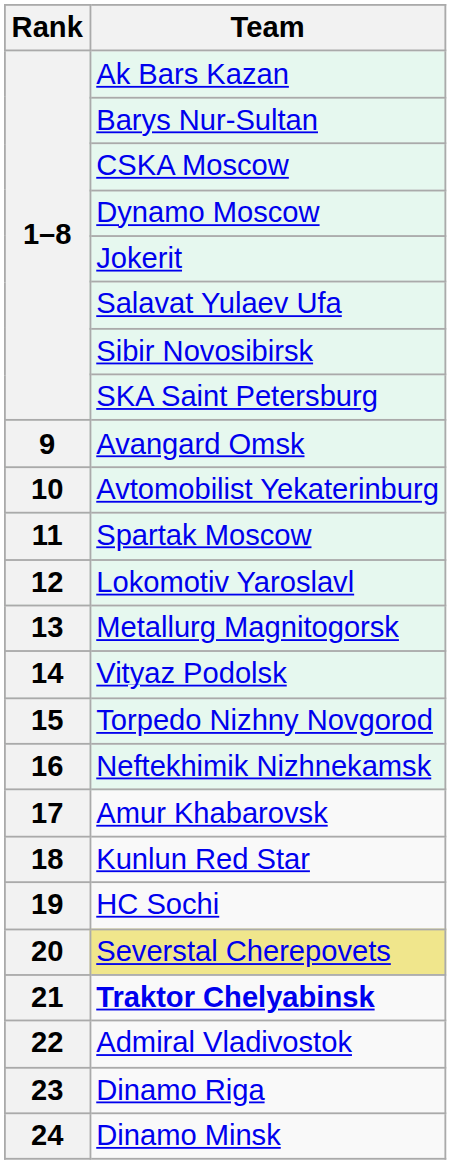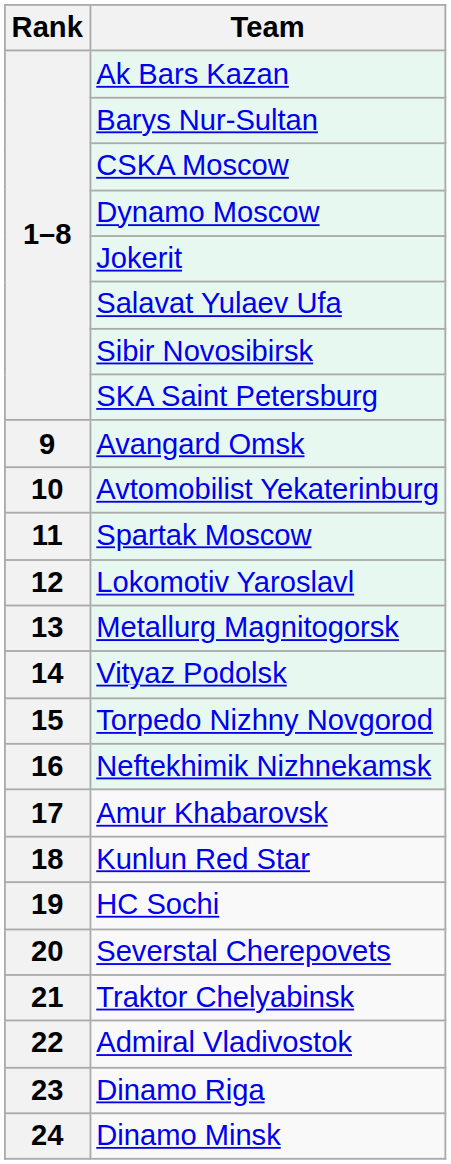 <table class="wikitable">
 <tr>
 <th>Rank</th>
 <th>Team</th>
 </tr>
 <tr bgcolor="#e6f8ef">
 <th scope=row rowspan=8>1–8</th>
 <td> <a href='#'>Ak Bars Kazan</a></td>
 </tr>
 <tr bgcolor="#e6f8ef">
 <td> <a href='#'>Barys Nur-Sultan</a></td>
 </tr>
 <tr bgcolor="#e6f8ef">
 <td> <a href='#'>CSKA Moscow</a></td>
 </tr>
 <tr bgcolor="#e6f8ef">
 <td> <a href='#'>Dynamo Moscow</a></td>
 </tr>
 <tr bgcolor="#e6f8ef">
 <td> <a href='#'>Jokerit</a></td>
 </tr>
 <tr bgcolor="#e6f8ef">
 <td> <a href='#'>Salavat Yulaev Ufa</a></td>
 </tr>
 <tr bgcolor="#e6f8ef">
 <td> <a href='#'>Sibir Novosibirsk</a></td>
 </tr>
 <tr bgcolor="#e6f8ef">
 <td> <a href='#'>SKA Saint Petersburg</a></td>
 </tr>
 <tr bgcolor="#e6f8ef">
 <th scope=row>9</th>
 <td> <a href='#'>Avangard Omsk</a></td>
 </tr>
 <tr bgcolor="#e6f8ef">
 <th scope=row>10</th>
 <td> <a href='#'>Avtomobilist Yekaterinburg</a></td>
 </tr>
 <tr bgcolor="#e6f8ef">
 <th scope=row>11</th>
 <td> <a href='#'>Spartak Moscow</a></td>
 </tr>
 <tr bgcolor="#e6f8ef">
 <th scope=row>12</th>
 <td> <a href='#'>Lokomotiv Yaroslavl</a></td>
 </tr>
 <tr bgcolor="#e6f8ef">
 <th scope=row>13</th>
 <td> <a href='#'>Metallurg Magnitogorsk</a></td>
 </tr>
 <tr bgcolor="#e6f8ef">
 <th scope=row>14</th>
 <td> <a href='#'>Vityaz Podolsk</a></td>
 </tr>
 <tr bgcolor="#e6f8ef">
 <th scope=row>15</th>
 <td> <a href='#'>Torpedo Nizhny Novgorod</a></td>
 </tr>
 <tr bgcolor="#e6f8ef">
 <th scope=row>16</th>
 <td> <a href='#'>Neftekhimik Nizhnekamsk</a></td>
 </tr>
 <tr>
 <th scope=row>17</th>
 <td> <a href='#'>Amur Khabarovsk</a></td>
 </tr>
 <tr>
 <th scope=row>18</th>
 <td> <a href='#'>Kunlun Red Star</a></td>
 </tr>
 <tr>
 <th scope=row>19</th>
 <td> <a href='#'>HC Sochi</a></td>
 </tr>
 <tr>
 <th scope=row>20</th>
-<td style="background: khaki;"> <a href='#'>Severstal Cherepovets</a></td>
+<td> <a href='#'>Severstal Cherepovets</a></td>
 </tr>
 <tr>
 <th scope=row>21</th>
-<td><strong> <a href='#'>Traktor Chelyabinsk</a></strong></td>
+<td> <a href='#'>Traktor Chelyabinsk</a></td>
 </tr>
 <tr>
 <th scope=row>22</th>
 <td> <a href='#'>Admiral Vladivostok</a></td>
 </tr>
 <tr>
 <th scope=row>23</th>
 <td> <a href='#'>Dinamo Riga</a></td>
 </tr>
 <tr>
 <th scope=row>24</th>
 <td> <a href='#'>Dinamo Minsk</a></td>
 </tr>
 </table>
